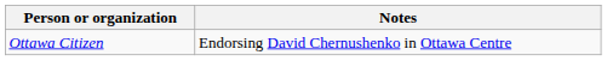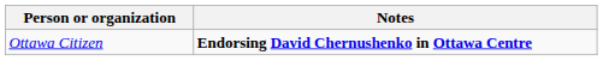 <table class="wikitable">
 <tr>
 <th bgcolor="#DDDDFF" width="200px">Person or organization</th>
 <th bgcolor="#DDDDFF" width="450px">Notes</th>
 </tr>
 <tr>
 <td><em><a href='#'>Ottawa Citizen</a></em></td>
-<td>Endorsing <a href='#'>David Chernushenko</a> in <a href='#'>Ottawa Centre</a></td>
+<td><strong>Endorsing <a href='#'>David Chernushenko</a> in <a href='#'>Ottawa Centre</a></strong></td>
 </tr>
 </table>
